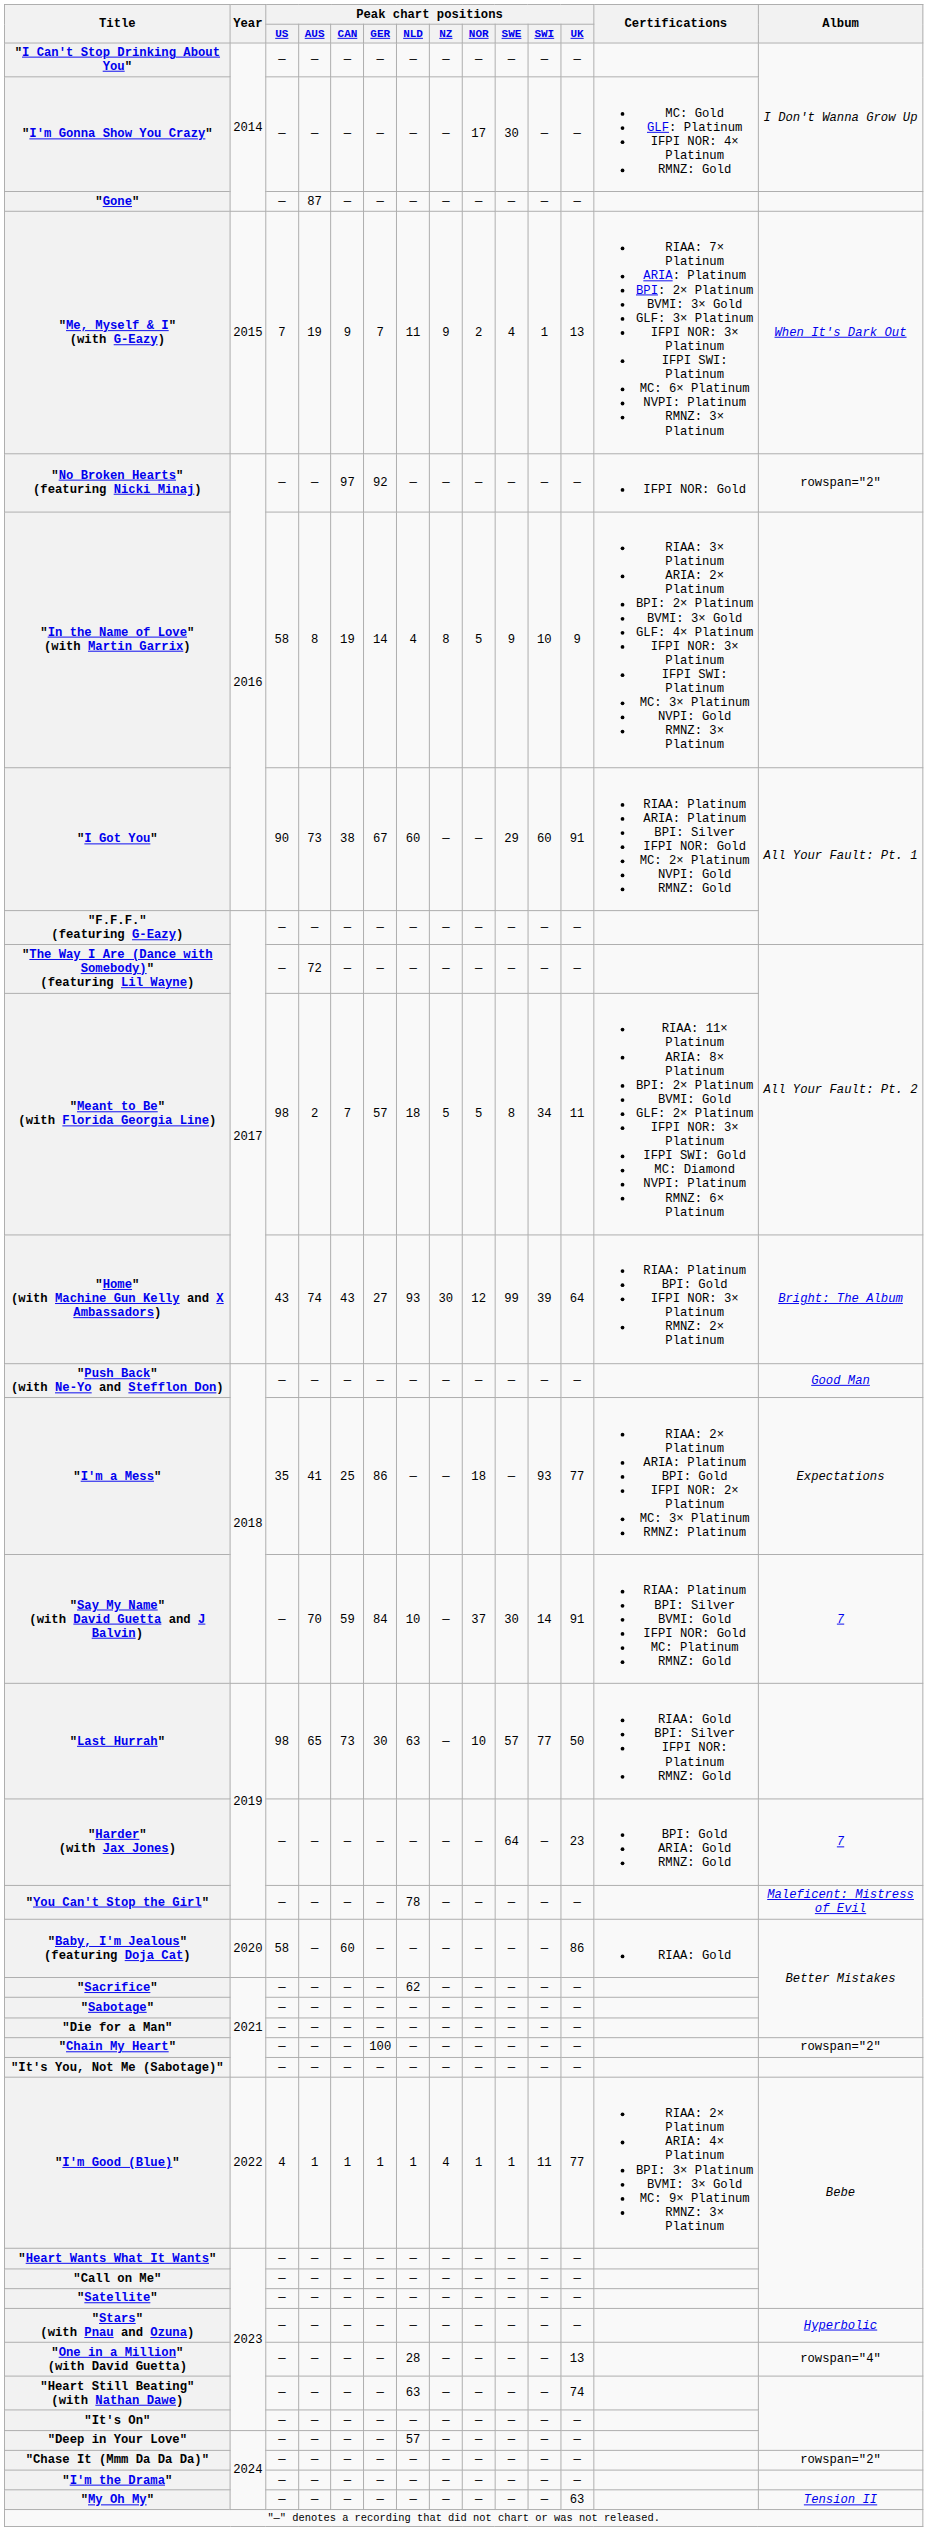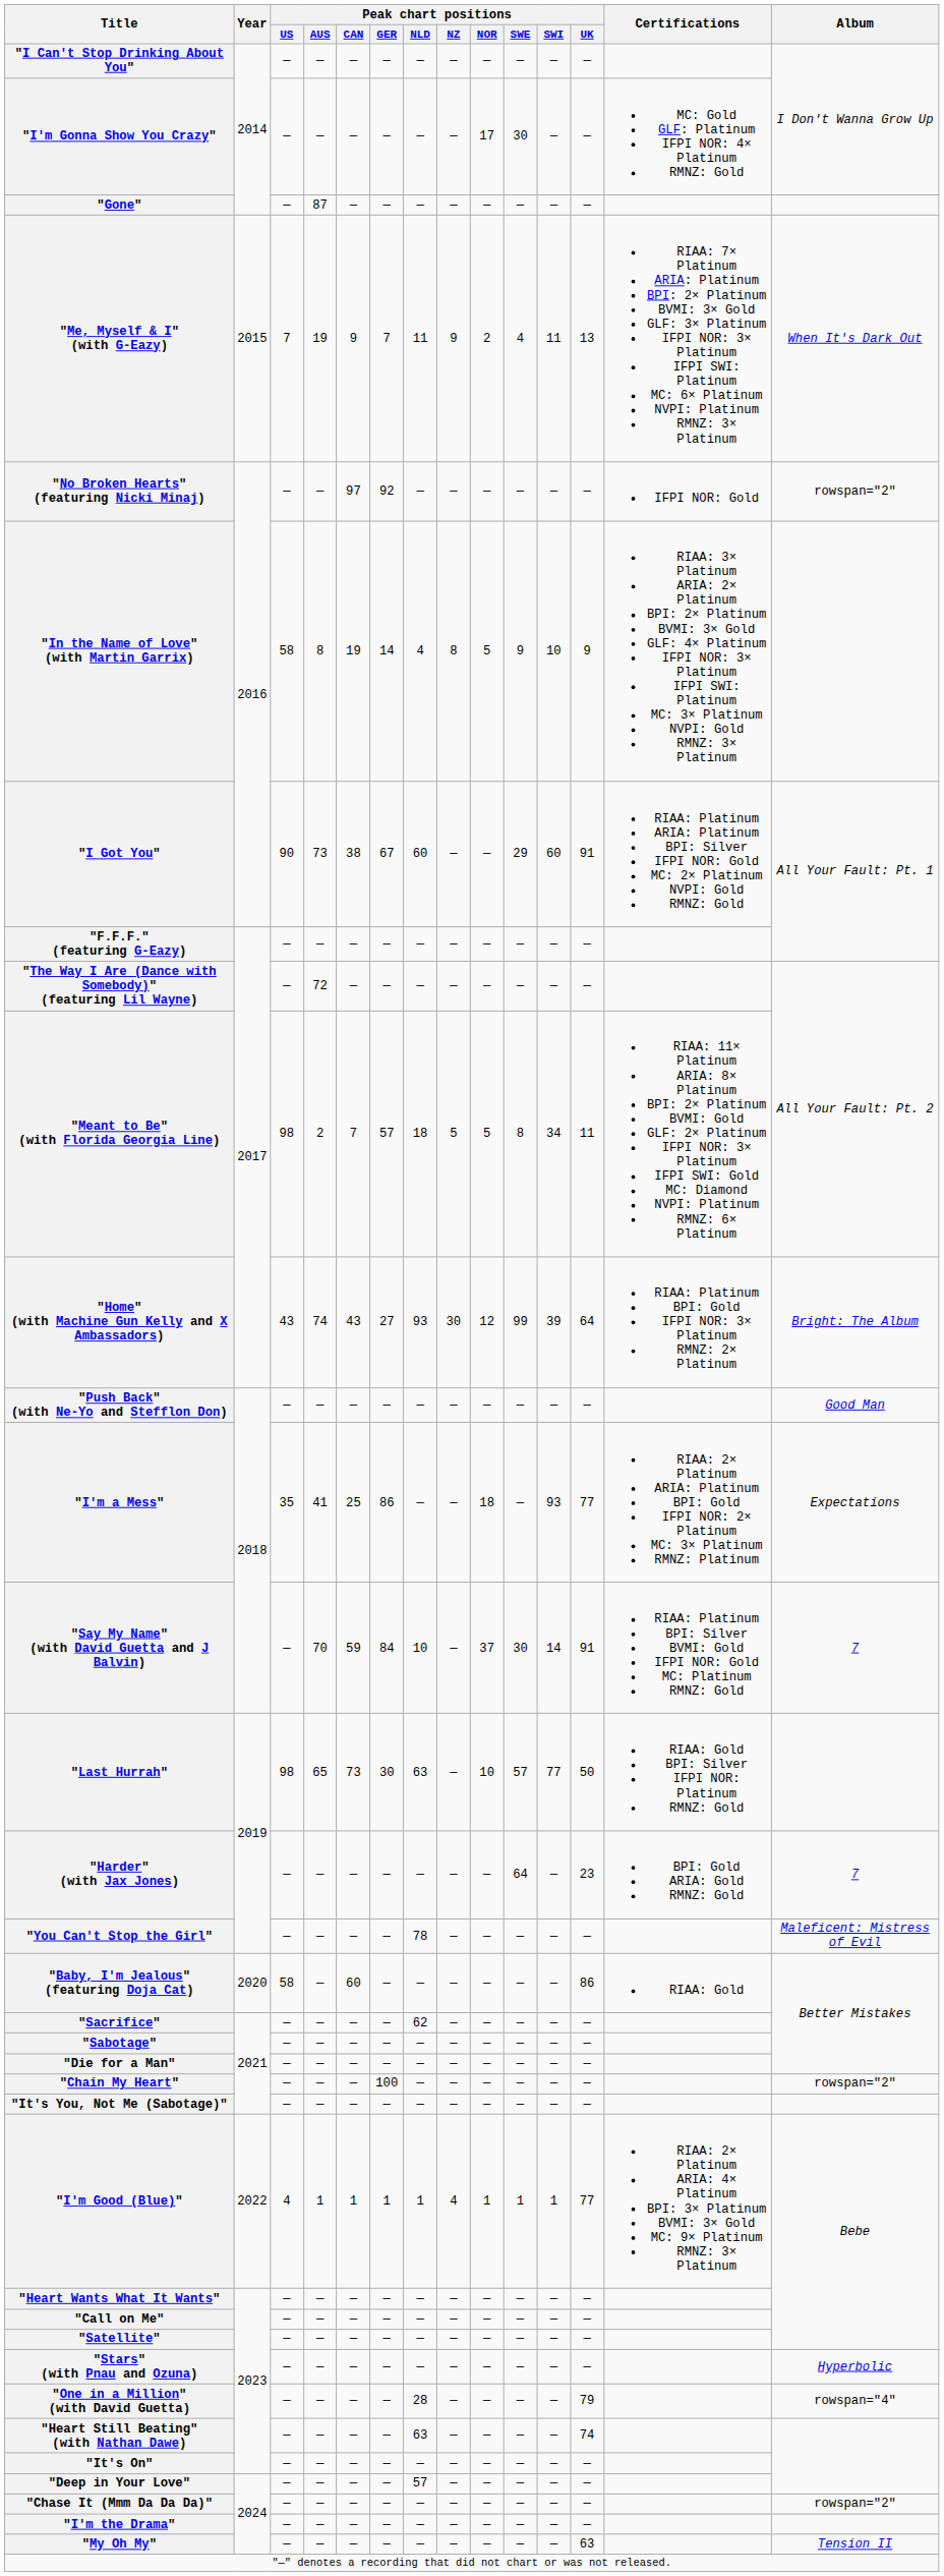 <table class="wikitable plainrowheaders" style="text-align:center;">
 <tr>
 <th scope="col" rowspan="2" style="width:18em;">Title</th>
 <th scope="col" rowspan="2" style="width:1em;">Year</th>
 <th scope="col" colspan="10">Peak chart positions</th>
 <th scope="col" rowspan="2" style="width:13em;">Certifications</th>
 <th scope="col" rowspan="2" style="width:13em;">Album</th>
 </tr>
 <tr>
 <th scope="col" style="width:2.5em; font-size:90%;"><a href='#'>US</a><br></th>
 <th scope="col" style="width:2.5em; font-size:90%;"><a href='#'>AUS</a><br></th>
 <th scope="col" style="width:2.5em; font-size:90%;"><a href='#'>CAN</a><br></th>
 <th scope="col" style="width:2.5em; font-size:90%;"><a href='#'>GER</a><br></th>
 <th scope="col" style="width:2.5em; font-size:90%;"><a href='#'>NLD</a><br></th>
 <th scope="col" style="width:2.5em; font-size:90%;"><a href='#'>NZ</a><br></th>
 <th scope="col" style="width:2.5em; font-size:90%;"><a href='#'>NOR</a><br></th>
 <th scope="col" style="width:2.5em; font-size:90%;"><a href='#'>SWE</a><br></th>
 <th scope="col" style="width:2.5em; font-size:90%;"><a href='#'>SWI</a><br></th>
 <th scope="col" style="width:2.5em; font-size:90%;"><a href='#'>UK</a><br></th>
 </tr>
 <tr>
 <th scope="row">"<a href='#'>I Can't Stop Drinking About You</a>"</th>
 <td rowspan="3">2014</td>
 <td>—</td>
 <td>—</td>
 <td>—</td>
 <td>—</td>
 <td>—</td>
 <td>—</td>
 <td>—</td>
 <td>—</td>
 <td>—</td>
 <td>—</td>
 <td></td>
 <td rowspan="2"><em>I Don't Wanna Grow Up</em></td>
 </tr>
 <tr>
 <th scope="row">"<a href='#'>I'm Gonna Show You Crazy</a>"</th>
 <td>—</td>
 <td>—</td>
 <td>—</td>
 <td>—</td>
 <td>—</td>
 <td>—</td>
 <td>17</td>
 <td>30</td>
 <td>—</td>
 <td>—</td>
 <td><br><ul><li>MC: Gold</li><li><a href='#'>GLF</a>: Platinum</li><li>IFPI NOR: 4× Platinum</li><li>RMNZ: Gold</li></ul></td>
 </tr>
 <tr>
 <th scope="row">"<a href='#'>Gone</a>"</th>
 <td>—</td>
 <td>87</td>
 <td>—</td>
 <td>—</td>
 <td>—</td>
 <td>—</td>
 <td>—</td>
 <td>—</td>
 <td>—</td>
 <td>—</td>
 <td></td>
 <td></td>
 </tr>
 <tr>
 <th scope="row">"<a href='#'>Me, Myself & I</a>"<br><span>(with <a href='#'>G-Eazy</a>)</span></th>
 <td>2015</td>
 <td>7</td>
 <td>19</td>
 <td>9</td>
 <td>7</td>
 <td>11</td>
 <td>9</td>
 <td>2</td>
 <td>4</td>
-<td>1</td>
+<td>11</td>
 <td>13</td>
 <td><br><ul><li>RIAA: 7× Platinum</li><li><a href='#'>ARIA</a>: Platinum</li><li><a href='#'>BPI</a>: 2× Platinum</li><li>BVMI: 3× Gold</li><li>GLF: 3× Platinum</li><li>IFPI NOR: 3× Platinum</li><li>IFPI SWI: Platinum</li><li>MC: 6× Platinum</li><li>NVPI: Platinum</li><li>RMNZ: 3× Platinum</li></ul></td>
 <td><em><a href='#'>When It's Dark Out</a></em></td>
 </tr>
 <tr>
 <th scope="row">"<a href='#'>No Broken Hearts</a>"<br><span>(featuring <a href='#'>Nicki Minaj</a>)</span></th>
 <td rowspan="3">2016</td>
 <td>—</td>
 <td>—</td>
 <td>97</td>
 <td>92</td>
 <td>—</td>
 <td>—</td>
 <td>—</td>
 <td>—</td>
 <td>—</td>
 <td>—</td>
 <td><br><ul><li>IFPI NOR: Gold</li></ul></td>
 <td>rowspan="2" </td>
 </tr>
 <tr>
 <th scope="row">"<a href='#'>In the Name of Love</a>"<br><span>(with <a href='#'>Martin Garrix</a>)</span></th>
 <td>58</td>
 <td>8</td>
 <td>19</td>
 <td>14</td>
 <td>4</td>
 <td>8</td>
 <td>5</td>
 <td>9</td>
 <td>10</td>
 <td>9</td>
 <td><br><ul><li>RIAA: 3× Platinum</li><li>ARIA: 2× Platinum</li><li>BPI: 2× Platinum</li><li>BVMI: 3× Gold</li><li>GLF: 4× Platinum</li><li>IFPI NOR: 3× Platinum</li><li>IFPI SWI: Platinum</li><li>MC: 3× Platinum</li><li>NVPI: Gold</li><li>RMNZ: 3× Platinum</li></ul></td>
 </tr>
 <tr>
 <th scope="row">"<a href='#'>I Got You</a>"</th>
 <td>90</td>
 <td>73</td>
 <td>38</td>
 <td>67</td>
 <td>60</td>
 <td>—</td>
 <td>—</td>
 <td>29</td>
 <td>60</td>
 <td>91</td>
 <td><br><ul><li>RIAA: Platinum</li><li>ARIA: Platinum</li><li>BPI: Silver</li><li>IFPI NOR: Gold</li><li>MC: 2× Platinum</li><li>NVPI: Gold</li><li>RMNZ: Gold</li></ul></td>
 <td rowspan="2"><em>All Your Fault: Pt. 1</em></td>
 </tr>
 <tr>
 <th scope="row">"F.F.F."<br><span>(featuring <a href='#'>G-Eazy</a>)</span></th>
 <td rowspan="4">2017</td>
 <td>—</td>
 <td>—</td>
 <td>—</td>
 <td>—</td>
 <td>—</td>
 <td>—</td>
 <td>—</td>
 <td>—</td>
 <td>—</td>
 <td>—</td>
 <td></td>
 </tr>
 <tr>
 <th scope="row">"<a href='#'>The Way I Are (Dance with Somebody)</a>"<br><span>(featuring <a href='#'>Lil Wayne</a>)</span></th>
 <td>—</td>
 <td>72</td>
 <td>—</td>
 <td>—</td>
 <td>—</td>
 <td>—</td>
 <td>—</td>
 <td>—</td>
 <td>—</td>
 <td>—</td>
 <td></td>
 <td rowspan="2"><em>All Your Fault: Pt. 2</em></td>
 </tr>
 <tr>
 <th scope="row">"<a href='#'>Meant to Be</a>"<br><span>(with <a href='#'>Florida Georgia Line</a>)</span></th>
 <td>98</td>
 <td>2</td>
 <td>7</td>
 <td>57</td>
 <td>18</td>
 <td>5</td>
 <td>5</td>
 <td>8</td>
 <td>34</td>
 <td>11</td>
 <td><br><ul><li>RIAA: 11× Platinum </li><li>ARIA: 8× Platinum</li><li>BPI: 2× Platinum</li><li>BVMI: Gold</li><li>GLF: 2× Platinum</li><li>IFPI NOR: 3× Platinum</li><li>IFPI SWI: Gold</li><li>MC: Diamond</li><li>NVPI: Platinum</li><li>RMNZ: 6× Platinum</li></ul></td>
 </tr>
 <tr>
 <th scope="row">"<a href='#'>Home</a>"<br><span>(with <a href='#'>Machine Gun Kelly</a> and <a href='#'>X Ambassadors</a>)</span></th>
 <td>43</td>
 <td>74</td>
 <td>43</td>
 <td>27</td>
 <td>93</td>
 <td>30</td>
 <td>12</td>
 <td>99</td>
 <td>39</td>
 <td>64</td>
 <td><br><ul><li>RIAA: Platinum</li><li>BPI: Gold</li><li>IFPI NOR: 3× Platinum</li><li>RMNZ: 2× Platinum</li></ul></td>
 <td><em><a href='#'>Bright: The Album</a></em></td>
 </tr>
 <tr>
 <th scope="row">"<a href='#'>Push Back</a>"<br><span>(with <a href='#'>Ne-Yo</a> and <a href='#'>Stefflon Don</a>)</span></th>
 <td rowspan="3">2018</td>
 <td>—</td>
 <td>—</td>
 <td>—</td>
 <td>—</td>
 <td>—</td>
 <td>—</td>
 <td>—</td>
 <td>—</td>
 <td>—</td>
 <td>—</td>
 <td></td>
 <td><em><a href='#'>Good Man</a></em></td>
 </tr>
 <tr>
 <th scope="row">"<a href='#'>I'm a Mess</a>"</th>
 <td>35</td>
 <td>41</td>
 <td>25</td>
 <td>86</td>
 <td>—</td>
 <td>—</td>
 <td>18</td>
 <td>—</td>
 <td>93</td>
 <td>77</td>
 <td><br><ul><li>RIAA: 2× Platinum</li><li>ARIA: Platinum</li><li>BPI: Gold</li><li>IFPI NOR: 2× Platinum</li><li>MC: 3× Platinum</li><li>RMNZ: Platinum</li></ul></td>
 <td><em>Expectations</em></td>
 </tr>
 <tr>
 <th scope="row">"<a href='#'>Say My Name</a>"<br><span>(with <a href='#'>David Guetta</a> and <a href='#'>J Balvin</a>)</span></th>
 <td>—</td>
 <td>70</td>
 <td>59</td>
 <td>84</td>
 <td>10</td>
 <td>—</td>
 <td>37</td>
 <td>30</td>
 <td>14</td>
 <td>91</td>
 <td><br><ul><li>RIAA: Platinum</li><li>BPI: Silver</li><li>BVMI: Gold</li><li>IFPI NOR: Gold</li><li>MC: Platinum</li><li>RMNZ: Gold</li></ul></td>
 <td><em><a href='#'>7</a></em></td>
 </tr>
 <tr>
 <th scope="row">"<a href='#'>Last Hurrah</a>"</th>
 <td rowspan="3">2019</td>
 <td>98</td>
 <td>65</td>
 <td>73</td>
 <td>30</td>
 <td>63</td>
 <td>—</td>
 <td>10</td>
 <td>57</td>
 <td>77</td>
 <td>50</td>
 <td><br><ul><li>RIAA: Gold</li><li>BPI: Silver</li><li>IFPI NOR: Platinum</li><li>RMNZ: Gold</li></ul></td>
 <td></td>
 </tr>
 <tr>
 <th scope="row">"<a href='#'>Harder</a>"<br><span>(with <a href='#'>Jax Jones</a>)</span></th>
 <td>—</td>
 <td>—</td>
 <td>—</td>
 <td>—</td>
 <td>—</td>
 <td>—</td>
 <td>—</td>
 <td>64</td>
 <td>—</td>
 <td>23</td>
 <td><br><ul><li>BPI: Gold</li><li>ARIA: Gold</li><li>RMNZ: Gold</li></ul></td>
 <td><em><a href='#'>7</a></em></td>
 </tr>
 <tr>
 <th scope="row">"<a href='#'>You Can't Stop the Girl</a>"</th>
 <td>—</td>
 <td>—</td>
 <td>—</td>
 <td>—</td>
 <td>78</td>
 <td>—</td>
 <td>—</td>
 <td>—</td>
 <td>—</td>
 <td>—</td>
 <td></td>
 <td><em><a href='#'>Maleficent: Mistress of Evil</a></em></td>
 </tr>
 <tr>
 <th scope="row">"<a href='#'>Baby, I'm Jealous</a>"<br><span>(featuring <a href='#'>Doja Cat</a>)</span></th>
 <td>2020</td>
 <td>58</td>
 <td>—</td>
 <td>60</td>
 <td>—</td>
 <td>—</td>
 <td>—</td>
 <td>—</td>
 <td>—</td>
 <td>—</td>
 <td>86</td>
 <td><br><ul><li>RIAA: Gold</li></ul></td>
 <td rowspan="4"><em>Better Mistakes</em></td>
 </tr>
 <tr>
 <th scope="row">"<a href='#'>Sacrifice</a>"</th>
 <td rowspan="5">2021</td>
 <td>—</td>
 <td>—</td>
 <td>—</td>
 <td>—</td>
 <td>62</td>
 <td>—</td>
 <td>—</td>
 <td>—</td>
 <td>—</td>
 <td>—</td>
 <td></td>
 </tr>
 <tr>
 <th scope="row">"<a href='#'>Sabotage</a>"</th>
 <td>—</td>
 <td>—</td>
 <td>—</td>
 <td>—</td>
 <td>—</td>
 <td>—</td>
 <td>—</td>
 <td>—</td>
 <td>—</td>
 <td>—</td>
 <td></td>
 </tr>
 <tr>
 <th scope="row">"Die for a Man"<br></th>
 <td>—</td>
 <td>—</td>
 <td>—</td>
 <td>—</td>
 <td>—</td>
 <td>—</td>
 <td>—</td>
 <td>—</td>
 <td>—</td>
 <td>—</td>
 <td></td>
 </tr>
 <tr>
 <th scope="row">"<a href='#'>Chain My Heart</a>"<br></th>
 <td>—</td>
 <td>—</td>
 <td>—</td>
 <td>100</td>
 <td>—</td>
 <td>—</td>
 <td>—</td>
 <td>—</td>
 <td>—</td>
 <td>—</td>
 <td></td>
 <td>rowspan="2" </td>
 </tr>
 <tr>
 <th scope="row">"It's You, Not Me (Sabotage)"<br></th>
 <td>—</td>
 <td>—</td>
 <td>—</td>
 <td>—</td>
 <td>—</td>
 <td>—</td>
 <td>—</td>
 <td>—</td>
 <td>—</td>
 <td>—</td>
 <td></td>
 </tr>
 <tr>
 <th scope="row">"<a href='#'>I'm Good (Blue)</a>"<br></th>
 <td>2022</td>
 <td>4</td>
 <td>1</td>
 <td>1</td>
 <td>1</td>
 <td>1</td>
 <td>4</td>
 <td>1</td>
 <td>1</td>
-<td>11</td>
+<td>1</td>
 <td>77</td>
 <td><br><ul><li>RIAA: 2× Platinum</li><li>ARIA: 4× Platinum</li><li>BPI: 3× Platinum</li><li>BVMI: 3× Gold</li><li>MC: 9× Platinum</li><li>RMNZ: 3× Platinum</li></ul></td>
 <td rowspan="4"><em>Bebe</em></td>
 </tr>
 <tr>
 <th scope="row">"<a href='#'>Heart Wants What It Wants</a>"</th>
 <td rowspan="7">2023</td>
 <td>—</td>
 <td>—</td>
 <td>—</td>
 <td>—</td>
 <td>—</td>
 <td>—</td>
 <td>—</td>
 <td>—</td>
 <td>—</td>
 <td>—</td>
 <td></td>
 </tr>
 <tr>
 <th scope="row">"Call on Me"</th>
 <td>—</td>
 <td>—</td>
 <td>—</td>
 <td>—</td>
 <td>—</td>
 <td>—</td>
 <td>—</td>
 <td>—</td>
 <td>—</td>
 <td>—</td>
 <td></td>
 </tr>
 <tr>
 <th scope="row">"<a href='#'>Satellite</a>"<br></th>
 <td>—</td>
 <td>—</td>
 <td>—</td>
 <td>—</td>
 <td>—</td>
 <td>—</td>
 <td>—</td>
 <td>—</td>
 <td>—</td>
 <td>—</td>
 <td></td>
 </tr>
 <tr>
 <th scope="row">"<a href='#'>Stars</a>"<br><span>(with <a href='#'>Pnau</a> and <a href='#'>Ozuna</a>)</span></th>
 <td>—</td>
 <td>—</td>
 <td>—</td>
 <td>—</td>
 <td>—</td>
 <td>—</td>
 <td>—</td>
 <td>—</td>
 <td>—</td>
 <td>—</td>
 <td></td>
 <td><em><a href='#'>Hyperbolic</a></em></td>
 </tr>
 <tr>
 <th scope="row">"<a href='#'>One in a Million</a>"<br><span>(with David Guetta)</span></th>
 <td>—</td>
 <td>—</td>
 <td>—</td>
 <td>—</td>
 <td>28</td>
 <td>—</td>
 <td>—</td>
 <td>—</td>
 <td>—</td>
-<td>13</td>
+<td>79</td>
 <td></td>
 <td>rowspan="4" </td>
 </tr>
 <tr>
 <th scope="row">"Heart Still Beating"<br><span>(with <a href='#'>Nathan Dawe</a>)</span></th>
 <td>—</td>
 <td>—</td>
 <td>—</td>
 <td>—</td>
 <td>63</td>
 <td>—</td>
 <td>—</td>
 <td>—</td>
 <td>—</td>
 <td>74</td>
 <td></td>
 </tr>
 <tr>
 <th scope="row">"It's On"</th>
 <td>—</td>
 <td>—</td>
 <td>—</td>
 <td>—</td>
 <td>—</td>
 <td>—</td>
 <td>—</td>
 <td>—</td>
 <td>—</td>
 <td>—</td>
 <td></td>
 </tr>
 <tr>
 <th scope="row">"Deep in Your Love"<br></th>
 <td rowspan="4">2024</td>
 <td>—</td>
 <td>—</td>
 <td>—</td>
 <td>—</td>
 <td>57</td>
 <td>—</td>
 <td>—</td>
 <td>—</td>
 <td>—</td>
 <td>—</td>
 <td></td>
 </tr>
 <tr>
 <th scope="row">"Chase It (Mmm Da Da Da)"</th>
 <td>—</td>
 <td>—</td>
 <td>—</td>
 <td>—</td>
 <td>—</td>
 <td>—</td>
 <td>—</td>
 <td>—</td>
 <td>—</td>
 <td>—</td>
 <td></td>
 <td>rowspan="2" </td>
 </tr>
 <tr>
 <th scope="row">"<a href='#'>I'm the Drama</a>"</th>
 <td>—</td>
 <td>—</td>
 <td>—</td>
 <td>—</td>
 <td>—</td>
 <td>—</td>
 <td>—</td>
 <td>—</td>
 <td>—</td>
 <td>—</td>
 <td></td>
 </tr>
 <tr>
 <th scope="row">"<a href='#'>My Oh My</a>"<br></th>
 <td>—</td>
 <td>—</td>
 <td>—</td>
 <td>—</td>
 <td>—</td>
 <td>—</td>
 <td>—</td>
 <td>—</td>
 <td>—</td>
 <td>63</td>
 <td></td>
 <td><em><a href='#'>Tension II</a></em></td>
 </tr>
 <tr>
 <td colspan="18" style="font-size:85%">"—" denotes a recording that did not chart or was not released.</td>
 </tr>
 </table>
